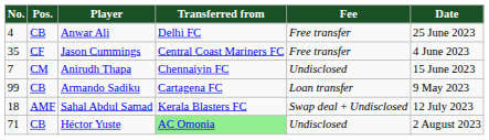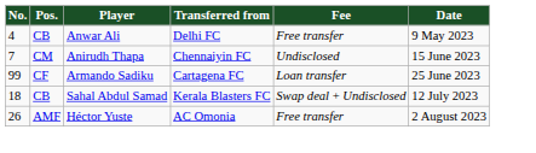 <table class="wikitable plainrowheaders sortable">
 <tr>
 <th style="background:#1A5026; color:#FFFFFF; ">No.</th>
 <th style="background:#1A5026; color:#FFFFFF; ">Pos.</th>
 <th style="background:#1A5026; color:#FFFFFF; ">Player</th>
 <th style="background:#1A5026; color:#FFFFFF; ">Transferred from</th>
 <th style="background:#1A5026; color:#FFFFFF; ">Fee</th>
 <th style="background:#1A5026; color:#FFFFFF; ">Date</th>
 </tr>
 <tr>
 <td>4</td>
 <td><a href='#'>CB</a></td>
 <td> <a href='#'>Anwar Ali</a></td>
 <td> <a href='#'>Delhi FC </a></td>
 <td><em>Free transfer</em></td>
-<td>25 June 2023</td>
-</tr>
-<tr>
-<td>35</td>
-<td><a href='#'>CF</a></td>
-<td> <a href='#'>Jason Cummings</a></td>
-<td> <a href='#'>Central Coast Mariners FC </a></td>
-<td><em>Free transfer</em></td>
-<td>4 June 2023</td>
+<td>9 May 2023</td>
 </tr>
 <tr>
 <td>7</td>
 <td><a href='#'>CM</a></td>
 <td> <a href='#'>Anirudh Thapa</a></td>
 <td> <a href='#'>Chennaiyin FC </a></td>
 <td><em>Undisclosed</em></td>
 <td>15 June 2023</td>
 </tr>
 <tr>
 <td>99</td>
-<td><a href='#'>CB</a></td>
+<td><a href='#'>CF</a></td>
 <td> <a href='#'>Armando Sadiku</a></td>
 <td> <a href='#'>Cartagena FC</a></td>
 <td><em>Loan transfer</em></td>
-<td>9 May 2023</td>
+<td>25 June 2023</td>
 </tr>
 <tr>
 <td>18</td>
-<td><a href='#'>AMF</a></td>
+<td><a href='#'>CB</a></td>
 <td> <a href='#'>Sahal Abdul Samad</a></td>
 <td> <a href='#'>Kerala Blasters FC </a></td>
 <td><em>Swap deal</em> + <em>Undisclosed</em></td>
 <td>12 July 2023</td>
 </tr>
 <tr>
-<td>71</td>
-<td><a href='#'>CB</a></td>
+<td>26</td>
+<td><a href='#'>AMF</a></td>
 <td> <a href='#'>Héctor Yuste</a></td>
-<td style="background: lightgreen;"> <a href='#'>AC Omonia</a></td>
-<td><em>Undisclosed</em></td>
+<td> <a href='#'>AC Omonia</a></td>
+<td><em>Free transfer</em></td>
 <td>2 August 2023</td>
 </tr>
 </table>
